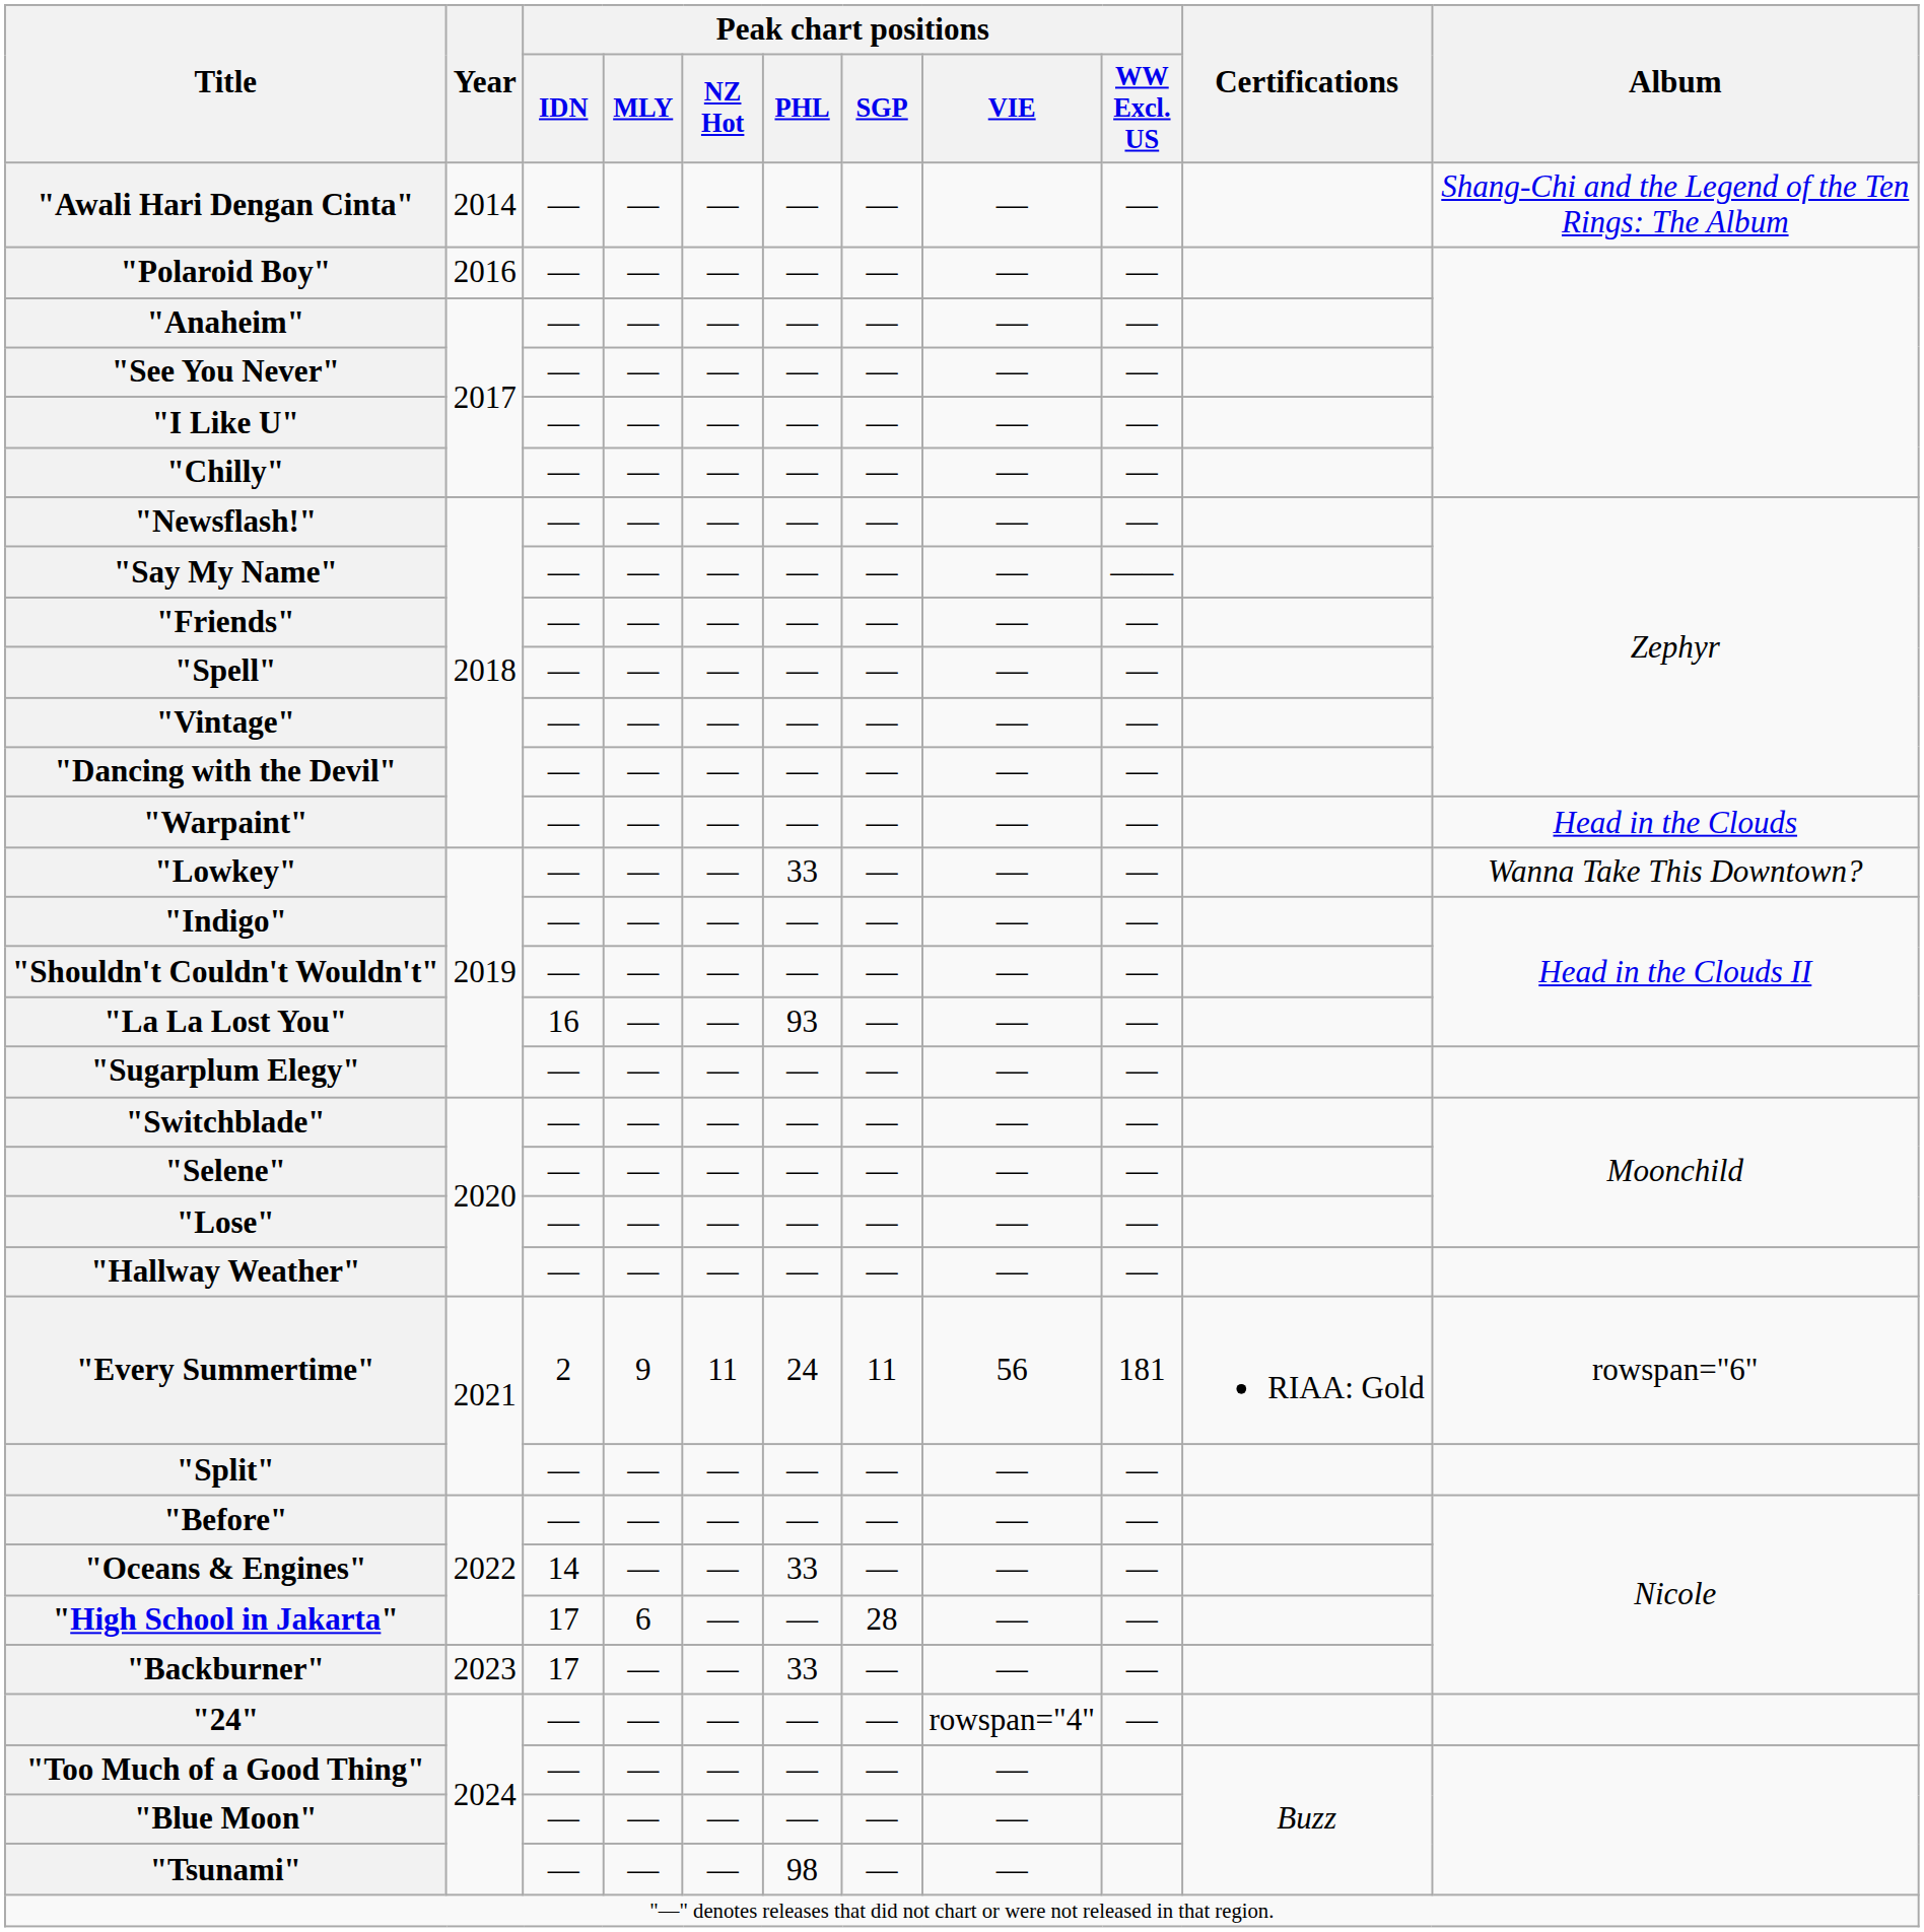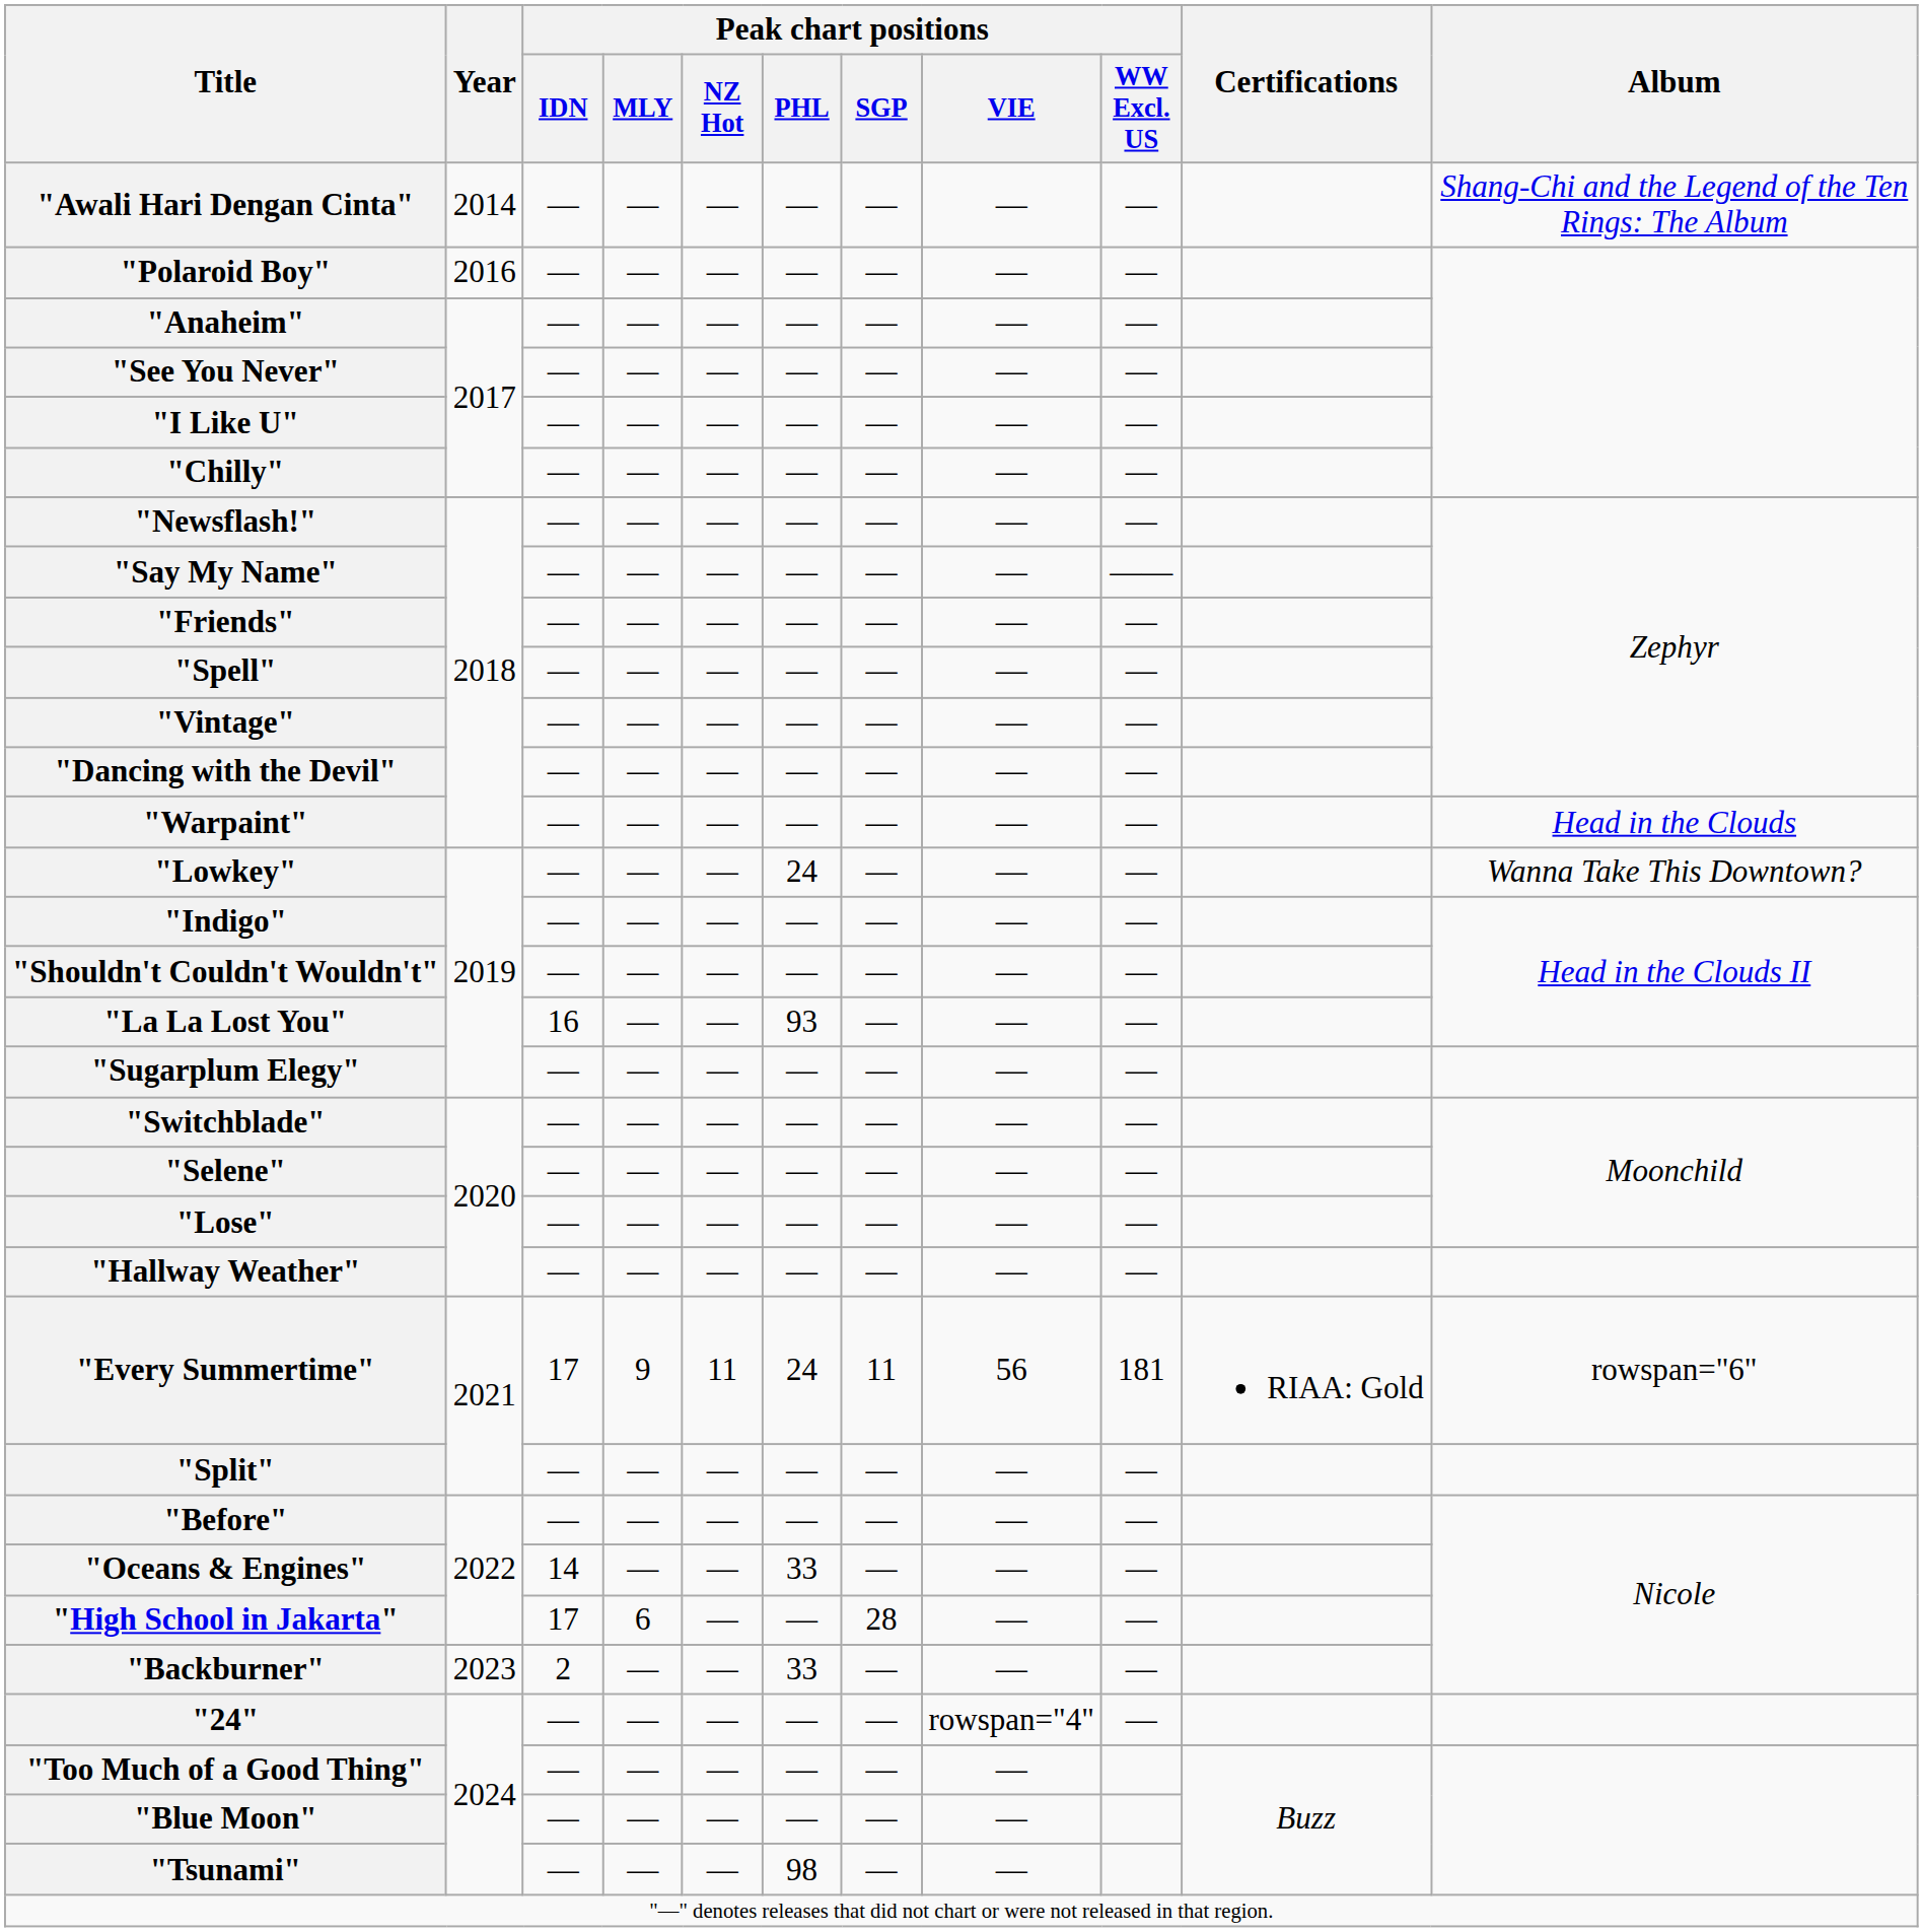 <table class="wikitable plainrowheaders" style="text-align:center;">
 <tr>
 <th rowspan="2" scope="col">Title</th>
 <th rowspan="2" scope="col">Year</th>
 <th colspan="7" scope="col">Peak chart positions</th>
 <th rowspan="2" scope="col">Certifications</th>
 <th rowspan="2" scope="col" style="width:15em;">Album</th>
 </tr>
 <tr>
 <th scope="col" style="font-size:85%; width:2.5em"><a href='#'>IDN</a><br></th>
 <th scope="col" style="font-size:85%; width:2.5em"><a href='#'>MLY</a><br></th>
 <th scope="col" style="font-size:85%; width:2.5em"><a href='#'>NZ<br>Hot</a><br></th>
 <th scope="col" style="font-size:85%; width:2.5em"><a href='#'>PHL</a><br></th>
 <th scope="col" style="font-size:85%; width:2.5em"><a href='#'>SGP</a><br></th>
 <th scope="col" style="font-size:85%; width:2.5em"><a href='#'>VIE</a><br></th>
 <th scope="col" style="font-size:85%; width:2.5em"><a href='#'>WW<br>Excl.<br>US</a><br></th>
 </tr>
 <tr>
 <th scope="row">"Awali Hari Dengan Cinta"</th>
 <td>2014</td>
 <td>—</td>
 <td>—</td>
 <td>—</td>
 <td>—</td>
 <td>—</td>
 <td>—</td>
 <td>—</td>
 <td></td>
 <td><em><a href='#'>Shang-Chi and the Legend of the Ten Rings: The Album</a></em></td>
 </tr>
 <tr>
 <th scope="row">"Polaroid Boy"</th>
 <td>2016</td>
 <td>—</td>
 <td>—</td>
 <td>—</td>
 <td>—</td>
 <td>—</td>
 <td>—</td>
 <td>—</td>
 <td></td>
 </tr>
 <tr>
 <th scope="row">"Anaheim"</th>
 <td rowspan="4">2017</td>
 <td>—</td>
 <td>—</td>
 <td>—</td>
 <td>—</td>
 <td>—</td>
 <td>—</td>
 <td>—</td>
 <td></td>
 </tr>
 <tr>
 <th scope="row">"See You Never"</th>
 <td>—</td>
 <td>—</td>
 <td>—</td>
 <td>—</td>
 <td>—</td>
 <td>—</td>
 <td>—</td>
 <td></td>
 </tr>
 <tr>
 <th scope="row">"I Like U"</th>
 <td>—</td>
 <td>—</td>
 <td>—</td>
 <td>—</td>
 <td>—</td>
 <td>—</td>
 <td>—</td>
 <td></td>
 </tr>
 <tr>
 <th scope="row">"Chilly"</th>
 <td>—</td>
 <td>—</td>
 <td>—</td>
 <td>—</td>
 <td>—</td>
 <td>—</td>
 <td>—</td>
 <td></td>
 </tr>
 <tr>
 <th scope="row">"Newsflash!"</th>
 <td rowspan="7">2018</td>
 <td>—</td>
 <td>—</td>
 <td>—</td>
 <td>—</td>
 <td>—</td>
 <td>—</td>
 <td>—</td>
 <td></td>
 <td rowspan="6"><em>Zephyr</em></td>
 </tr>
 <tr>
 <th scope="row">"Say My Name"</th>
 <td>—</td>
 <td>—</td>
 <td>—</td>
 <td>—</td>
 <td>—</td>
 <td>—</td>
 <td>——</td>
 <td></td>
 </tr>
 <tr>
 <th scope="row">"Friends"</th>
 <td>—</td>
 <td>—</td>
 <td>—</td>
 <td>—</td>
 <td>—</td>
 <td>—</td>
 <td>—</td>
 <td></td>
 </tr>
 <tr>
 <th scope="row">"Spell"</th>
 <td>—</td>
 <td>—</td>
 <td>—</td>
 <td>—</td>
 <td>—</td>
 <td>—</td>
 <td>—</td>
 <td></td>
 </tr>
 <tr>
 <th scope="row">"Vintage"</th>
 <td>—</td>
 <td>—</td>
 <td>—</td>
 <td>—</td>
 <td>—</td>
 <td>—</td>
 <td>—</td>
 <td></td>
 </tr>
 <tr>
 <th scope="row">"Dancing with the Devil"</th>
 <td>—</td>
 <td>—</td>
 <td>—</td>
 <td>—</td>
 <td>—</td>
 <td>—</td>
 <td>—</td>
 <td></td>
 </tr>
 <tr>
 <th scope="row">"Warpaint"</th>
 <td>—</td>
 <td>—</td>
 <td>—</td>
 <td>—</td>
 <td>—</td>
 <td>—</td>
 <td>—</td>
 <td></td>
 <td><em><a href='#'>Head in the Clouds</a></em></td>
 </tr>
 <tr>
 <th scope="row">"Lowkey"</th>
 <td rowspan="5">2019</td>
 <td>—</td>
 <td>—</td>
 <td>—</td>
-<td>33</td>
+<td>24</td>
 <td>—</td>
 <td>—</td>
 <td>—</td>
 <td></td>
 <td><em>Wanna Take This Downtown?</em></td>
 </tr>
 <tr>
 <th scope="row">"Indigo"</th>
 <td>—</td>
 <td>—</td>
 <td>—</td>
 <td>—</td>
 <td>—</td>
 <td>—</td>
 <td>—</td>
 <td></td>
 <td rowspan="3"><em><a href='#'>Head in the Clouds II</a></em></td>
 </tr>
 <tr>
 <th scope="row">"Shouldn't Couldn't Wouldn't"</th>
 <td>—</td>
 <td>—</td>
 <td>—</td>
 <td>—</td>
 <td>—</td>
 <td>—</td>
 <td>—</td>
 <td></td>
 </tr>
 <tr>
 <th scope="row">"La La Lost You"</th>
 <td>16</td>
 <td>—</td>
 <td>—</td>
 <td>93</td>
 <td>—</td>
 <td>—</td>
 <td>—</td>
 <td></td>
 </tr>
 <tr>
 <th scope="row">"Sugarplum Elegy"</th>
 <td>—</td>
 <td>—</td>
 <td>—</td>
 <td>—</td>
 <td>—</td>
 <td>—</td>
 <td>—</td>
 <td></td>
 <td></td>
 </tr>
 <tr>
 <th scope="row">"Switchblade"</th>
 <td rowspan="4">2020</td>
 <td>—</td>
 <td>—</td>
 <td>—</td>
 <td>—</td>
 <td>—</td>
 <td>—</td>
 <td>—</td>
 <td></td>
 <td rowspan="3"><em>Moonchild</em></td>
 </tr>
 <tr>
 <th scope="row">"Selene"</th>
 <td>—</td>
 <td>—</td>
 <td>—</td>
 <td>—</td>
 <td>—</td>
 <td>—</td>
 <td>—</td>
 <td></td>
 </tr>
 <tr>
 <th scope="row">"Lose"</th>
 <td>—</td>
 <td>—</td>
 <td>—</td>
 <td>—</td>
 <td>—</td>
 <td>—</td>
 <td>—</td>
 <td></td>
 </tr>
 <tr>
 <th scope="row">"Hallway Weather"</th>
 <td>—</td>
 <td>—</td>
 <td>—</td>
 <td>—</td>
 <td>—</td>
 <td>—</td>
 <td>—</td>
 <td></td>
 <td></td>
 </tr>
 <tr>
 <th scope="row">"Every Summertime"</th>
 <td rowspan="2">2021</td>
-<td>2</td>
+<td>17</td>
 <td>9</td>
 <td>11</td>
 <td>24</td>
 <td>11</td>
 <td>56</td>
 <td>181</td>
 <td><br><ul><li>RIAA: Gold</li></ul></td>
 <td>rowspan="6" </td>
 </tr>
 <tr>
 <th scope="row">"Split"</th>
 <td>—</td>
 <td>—</td>
 <td>—</td>
 <td>—</td>
 <td>—</td>
 <td>—</td>
 <td>—</td>
 <td></td>
 <td></td>
 </tr>
 <tr>
 <th scope="row">"Before"</th>
 <td rowspan="3">2022</td>
 <td>—</td>
 <td>—</td>
 <td>—</td>
 <td>—</td>
 <td>—</td>
 <td>—</td>
 <td>—</td>
 <td></td>
 <td rowspan="4"><em>Nicole</em></td>
 </tr>
 <tr>
 <th scope="row">"Oceans & Engines"</th>
 <td>14</td>
 <td>—</td>
 <td>—</td>
 <td>33</td>
 <td>—</td>
 <td>—</td>
 <td>—</td>
 <td></td>
 </tr>
 <tr>
 <th scope="row">"<a href='#'>High School in Jakarta</a>"</th>
 <td>17</td>
 <td>6</td>
 <td>—</td>
 <td>—</td>
 <td>28</td>
 <td>—</td>
 <td>—</td>
 <td></td>
 </tr>
 <tr>
 <th scope="row">"Backburner"</th>
 <td>2023</td>
-<td>17</td>
+<td>2</td>
 <td>—</td>
 <td>—</td>
 <td>33</td>
 <td>—</td>
 <td>—</td>
 <td>—</td>
 <td></td>
 </tr>
 <tr>
 <th scope="row">"24"</th>
 <td rowspan="4">2024</td>
 <td>—</td>
 <td>—</td>
 <td>—</td>
 <td>—</td>
 <td>—</td>
 <td>rowspan="4" </td>
 <td>—</td>
 <td></td>
 <td></td>
 </tr>
 <tr>
 <th scope="row">"Too Much of a Good Thing"</th>
 <td>—</td>
 <td>—</td>
 <td>—</td>
 <td>—</td>
 <td>—</td>
 <td>—</td>
 <td></td>
 <td rowspan="3"><em>Buzz</em></td>
 </tr>
 <tr>
 <th scope="row">"Blue Moon"</th>
 <td>—</td>
 <td>—</td>
 <td>—</td>
 <td>—</td>
 <td>—</td>
 <td>—</td>
 <td></td>
 </tr>
 <tr>
 <th scope="row">"Tsunami"</th>
 <td>—</td>
 <td>—</td>
 <td>—</td>
 <td>98</td>
 <td>—</td>
 <td>—</td>
 <td></td>
 </tr>
 <tr>
 <td colspan="12" style="font-size:8pt">"—" denotes releases that did not chart or were not released in that region.</td>
 </tr>
 </table>
